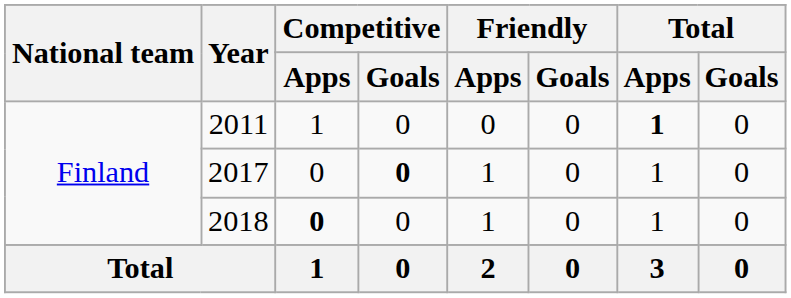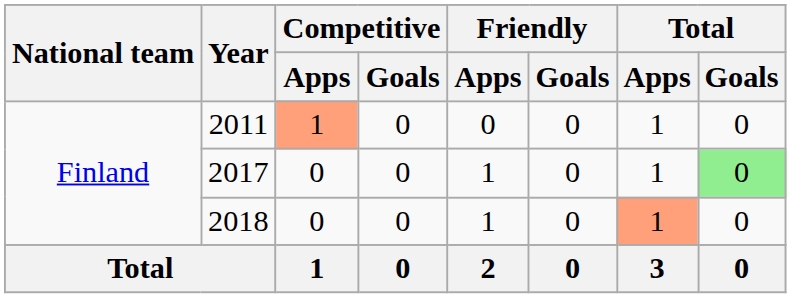 <table class="wikitable" style="text-align:center">
 <tr>
 <th rowspan="2">National team</th>
 <th rowspan="2">Year</th>
 <th colspan="2">Competitive</th>
 <th colspan="2">Friendly</th>
 <th colspan="2">Total</th>
 </tr>
 <tr>
 <th>Apps</th>
 <th>Goals</th>
 <th>Apps</th>
 <th>Goals</th>
 <th>Apps</th>
 <th>Goals</th>
 </tr>
 <tr>
 <td rowspan="3"><a href='#'>Finland</a></td>
 <td>2011</td>
-<td>1</td>
+<td style="background: lightsalmon;">1</td>
 <td>0</td>
 <td>0</td>
 <td>0</td>
-<td><strong>1</strong></td>
+<td>1</td>
 <td>0</td>
 </tr>
 <tr>
 <td>2017</td>
 <td>0</td>
-<td><strong>0</strong></td>
-<td>1</td>
-<td>0</td>
-<td>1</td>
-<td>0</td>
-</tr>
-<tr>
-<td>2018</td>
-<td><strong>0</strong></td>
 <td>0</td>
 <td>1</td>
 <td>0</td>
 <td>1</td>
+<td style="background: lightgreen;">0</td>
+</tr>
+<tr>
+<td>2018</td>
+<td>0</td>
+<td>0</td>
+<td>1</td>
+<td>0</td>
+<td style="background: lightsalmon;">1</td>
 <td>0</td>
 </tr>
 <tr>
 <th colspan="2">Total</th>
 <th>1</th>
 <th>0</th>
 <th>2</th>
 <th>0</th>
 <th>3</th>
 <th>0</th>
 </tr>
 </table>
